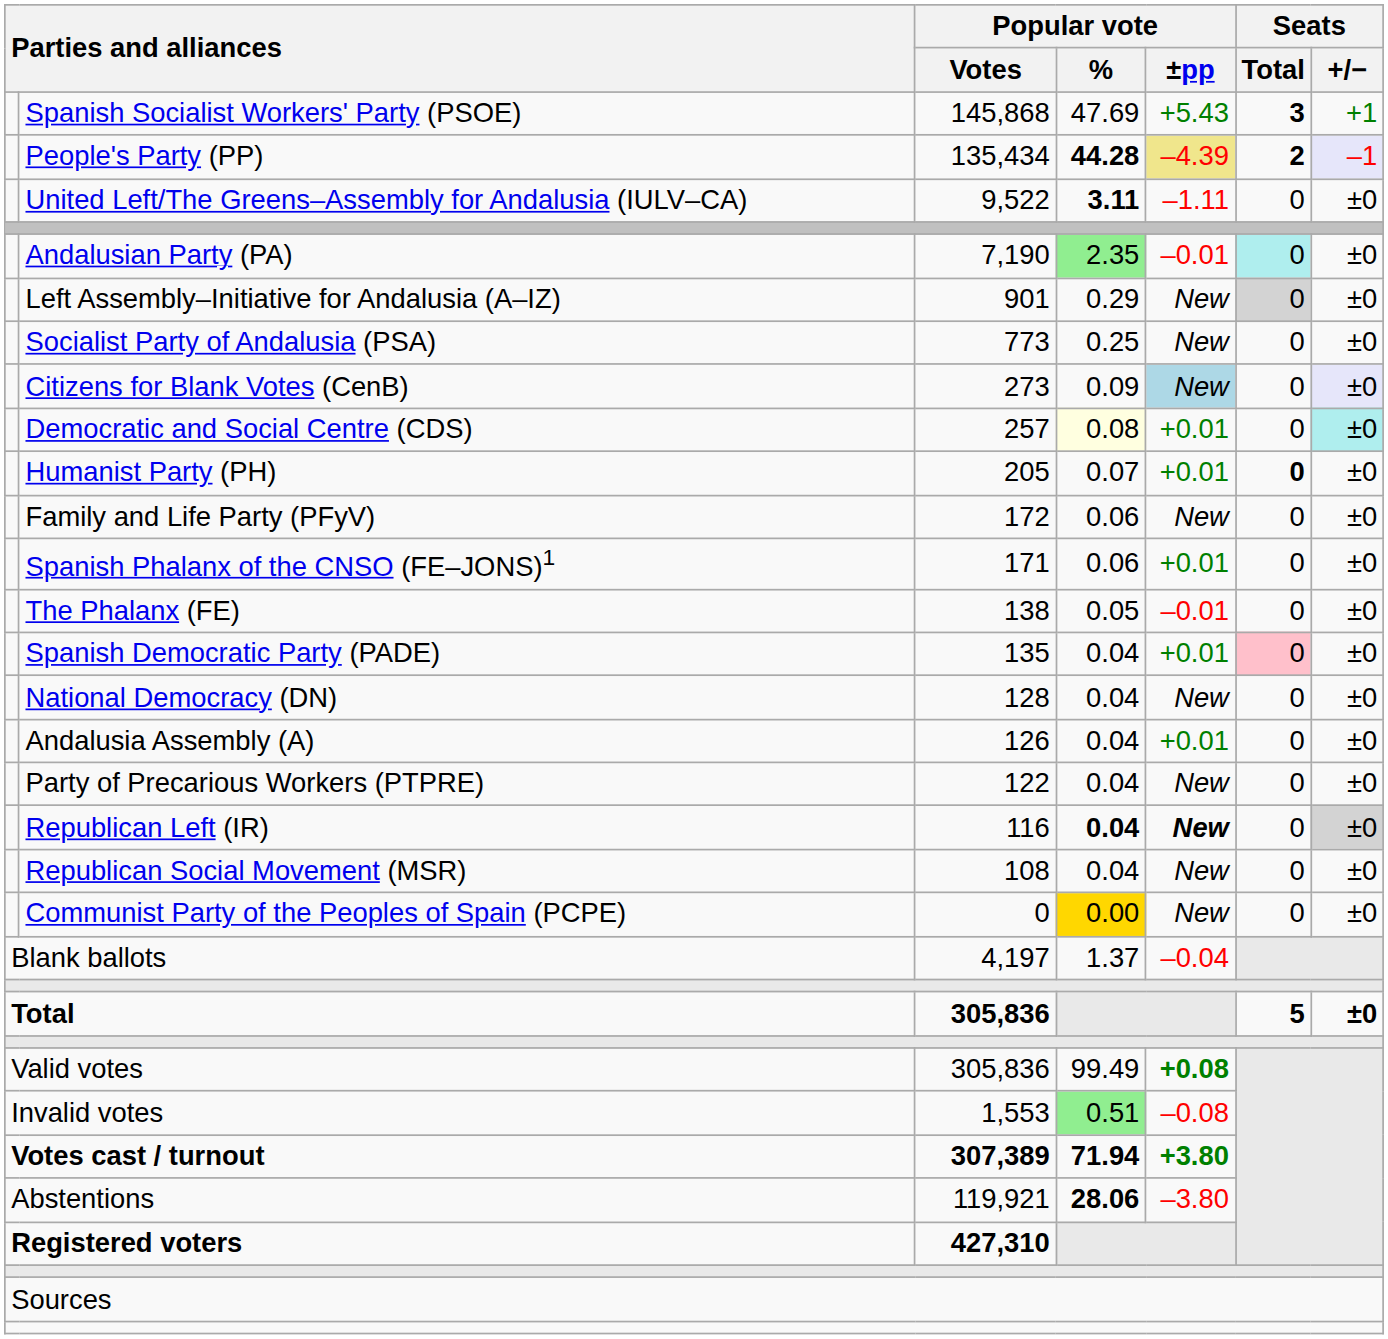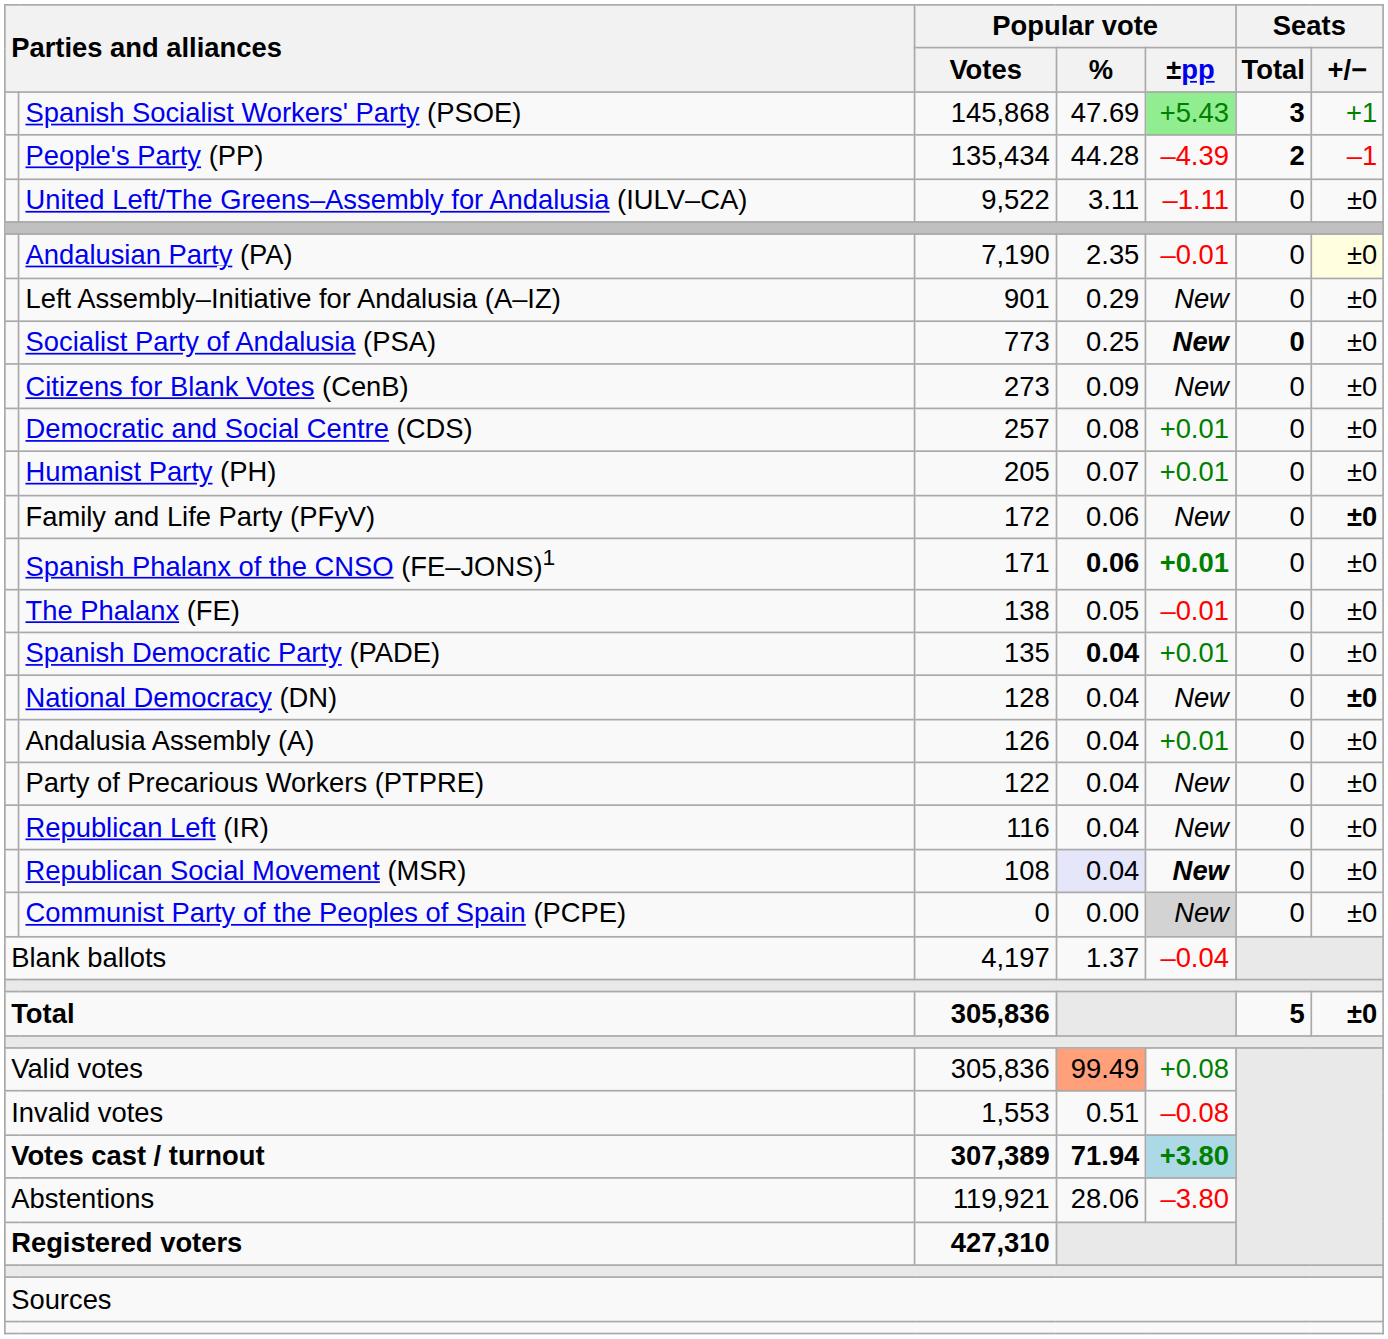 <table class="wikitable" style="text-align:right;">
 <tr>
 <th style="text-align:left;" rowspan="2" colspan="2" width="525">Parties and alliances</th>
 <th colspan="3">Popular vote</th>
 <th colspan="2">Seats</th>
 </tr>
 <tr>
 <th width="75">Votes</th>
 <th width="45">%</th>
 <th width="45">±<a href='#'>pp</a></th>
 <th width="35">Total</th>
 <th width="35">+/−</th>
 </tr>
 <tr>
 <td width="1" style="color:inherit;background:"></td>
 <td align="left"><a href='#'>Spanish Socialist Workers' Party</a> (PSOE)</td>
 <td>145,868</td>
 <td>47.69</td>
-<td style="color:green;">+5.43</td>
+<td style="background: lightgreen; color:green;">+5.43</td>
 <td><strong>3</strong></td>
 <td style="color:green;">+1</td>
 </tr>
 <tr>
 <td style="color:inherit;background:"></td>
 <td align="left"><a href='#'>People's Party</a> (PP)</td>
 <td>135,434</td>
-<td><strong>44.28</strong></td>
-<td style="background: khaki; color:red;">–4.39</td>
+<td>44.28</td>
+<td style="color:red;">–4.39</td>
 <td><strong>2</strong></td>
-<td style="background: lavender; color:red;">–1</td>
+<td style="color:red;">–1</td>
 </tr>
 <tr>
 <td style="color:inherit;background:"></td>
 <td align="left"><a href='#'>United Left/The Greens–Assembly for Andalusia</a> (IULV–CA)</td>
 <td>9,522</td>
-<td><strong>3.11</strong></td>
+<td>3.11</td>
 <td style="color:red;">–1.11</td>
 <td>0</td>
 <td>±0</td>
 </tr>
 <tr>
 <td colspan="7" bgcolor="#C0C0C0"></td>
 </tr>
 <tr>
 <td style="color:inherit;background:"></td>
 <td align="left"><a href='#'>Andalusian Party</a> (PA)</td>
 <td>7,190</td>
-<td style="background: lightgreen;">2.35</td>
+<td>2.35</td>
 <td style="color:red;">–0.01</td>
-<td style="background: paleturquoise;">0</td>
-<td>±0</td>
+<td>0</td>
+<td style="background: lightyellow;">±0</td>
 </tr>
 <tr>
 <td style="color:inherit;background:"></td>
 <td align="left">Left Assembly–Initiative for Andalusia (A–IZ)</td>
 <td>901</td>
 <td>0.29</td>
 <td><em>New</em></td>
-<td style="background: lightgrey;">0</td>
+<td>0</td>
 <td>±0</td>
 </tr>
 <tr>
 <td style="color:inherit;background:"></td>
 <td align="left"><a href='#'>Socialist Party of Andalusia</a> (PSA)</td>
 <td>773</td>
 <td>0.25</td>
-<td><em>New</em></td>
-<td>0</td>
+<td><strong><em>New</em></strong></td>
+<td><strong>0</strong></td>
 <td>±0</td>
 </tr>
 <tr>
 <td style="color:inherit;background:"></td>
 <td align="left"><a href='#'>Citizens for Blank Votes</a> (CenB)</td>
 <td>273</td>
 <td>0.09</td>
-<td style="background: lightblue;"><em>New</em></td>
+<td><em>New</em></td>
 <td>0</td>
-<td style="background: lavender;">±0</td>
+<td>±0</td>
 </tr>
 <tr>
 <td style="color:inherit;background:"></td>
 <td align="left"><a href='#'>Democratic and Social Centre</a> (CDS)</td>
 <td>257</td>
-<td style="background: lightyellow;">0.08</td>
+<td>0.08</td>
 <td style="color:green;">+0.01</td>
 <td>0</td>
-<td style="background: paleturquoise;">±0</td>
+<td>±0</td>
 </tr>
 <tr>
 <td style="color:inherit;background:"></td>
 <td align="left"><a href='#'>Humanist Party</a> (PH)</td>
 <td>205</td>
 <td>0.07</td>
 <td style="color:green;">+0.01</td>
-<td><strong>0</strong></td>
+<td>0</td>
 <td>±0</td>
 </tr>
 <tr>
 <td style="color:inherit;background:"></td>
 <td align="left">Family and Life Party (PFyV)</td>
 <td>172</td>
 <td>0.06</td>
 <td><em>New</em></td>
 <td>0</td>
-<td>±0</td>
+<td><strong>±0</strong></td>
 </tr>
 <tr>
 <td style="color:inherit;background:"></td>
 <td align="left"><a href='#'>Spanish Phalanx of the CNSO</a> (FE–JONS)<sup>1</sup></td>
 <td>171</td>
-<td>0.06</td>
-<td style="color:green;">+0.01</td>
+<td><strong>0.06</strong></td>
+<td style="color:green;"><strong>+0.01</strong></td>
 <td>0</td>
 <td>±0</td>
 </tr>
 <tr>
 <td style="color:inherit;background:"></td>
 <td align="left"><a href='#'>The Phalanx</a> (FE)</td>
 <td>138</td>
 <td>0.05</td>
 <td style="color:red;">–0.01</td>
 <td>0</td>
 <td>±0</td>
 </tr>
 <tr>
 <td style="color:inherit;background:"></td>
 <td align="left"><a href='#'>Spanish Democratic Party</a> (PADE)</td>
 <td>135</td>
-<td>0.04</td>
+<td><strong>0.04</strong></td>
 <td style="color:green;">+0.01</td>
-<td style="background: pink;">0</td>
+<td>0</td>
 <td>±0</td>
 </tr>
 <tr>
 <td style="color:inherit;background:"></td>
 <td align="left"><a href='#'>National Democracy</a> (DN)</td>
 <td>128</td>
 <td>0.04</td>
 <td><em>New</em></td>
 <td>0</td>
-<td>±0</td>
+<td><strong>±0</strong></td>
 </tr>
 <tr>
 <td style="color:inherit;background:"></td>
 <td align="left">Andalusia Assembly (A)</td>
 <td>126</td>
 <td>0.04</td>
 <td style="color:green;">+0.01</td>
 <td>0</td>
 <td>±0</td>
 </tr>
 <tr>
 <td style="color:inherit;background:"></td>
 <td align="left">Party of Precarious Workers (PTPRE)</td>
 <td>122</td>
 <td>0.04</td>
 <td><em>New</em></td>
 <td>0</td>
 <td>±0</td>
 </tr>
 <tr>
 <td style="color:inherit;background:"></td>
 <td align="left"><a href='#'>Republican Left</a> (IR)</td>
 <td>116</td>
-<td><strong>0.04</strong></td>
-<td><strong><em>New</em></strong></td>
-<td>0</td>
-<td style="background: lightgrey;">±0</td>
-</tr>
-<tr>
-<td style="color:inherit;background:"></td>
-<td align="left"><a href='#'>Republican Social Movement</a> (MSR)</td>
-<td>108</td>
 <td>0.04</td>
 <td><em>New</em></td>
 <td>0</td>
 <td>±0</td>
 </tr>
 <tr>
 <td style="color:inherit;background:"></td>
+<td align="left"><a href='#'>Republican Social Movement</a> (MSR)</td>
+<td>108</td>
+<td style="background: lavender;">0.04</td>
+<td><strong><em>New</em></strong></td>
+<td>0</td>
+<td>±0</td>
+</tr>
+<tr>
+<td style="color:inherit;background:"></td>
 <td align="left"><a href='#'>Communist Party of the Peoples of Spain</a> (PCPE)</td>
 <td>0</td>
-<td style="background: gold;">0.00</td>
-<td><em>New</em></td>
+<td>0.00</td>
+<td style="background: lightgrey;"><em>New</em></td>
 <td>0</td>
 <td>±0</td>
 </tr>
 <tr>
 <td align="left" colspan="2">Blank ballots</td>
 <td>4,197</td>
 <td>1.37</td>
 <td style="color:red;">–0.04</td>
 <td bgcolor="#E9E9E9" colspan="2"></td>
 </tr>
 <tr>
 <td colspan="7" bgcolor="#E9E9E9"></td>
 </tr>
 <tr style="font-weight:bold;">
 <td align="left" colspan="2">Total</td>
 <td>305,836</td>
 <td bgcolor="#E9E9E9" colspan="2"></td>
 <td>5</td>
 <td>±0</td>
 </tr>
 <tr>
 <td colspan="7" bgcolor="#E9E9E9"></td>
 </tr>
 <tr>
 <td align="left" colspan="2">Valid votes</td>
 <td>305,836</td>
-<td>99.49</td>
-<td style="color:green;"><strong>+0.08</strong></td>
+<td style="background: lightsalmon;">99.49</td>
+<td style="color:green;">+0.08</td>
 <td bgcolor="#E9E9E9" colspan="2" rowspan="5"></td>
 </tr>
 <tr>
 <td align="left" colspan="2">Invalid votes</td>
 <td>1,553</td>
-<td style="background: lightgreen;">0.51</td>
+<td>0.51</td>
 <td style="color:red;">–0.08</td>
 </tr>
 <tr style="font-weight:bold;">
 <td align="left" colspan="2">Votes cast / turnout</td>
 <td>307,389</td>
 <td>71.94</td>
-<td style="color:green;">+3.80</td>
+<td style="background: lightblue; color:green;">+3.80</td>
 </tr>
 <tr>
 <td align="left" colspan="2">Abstentions</td>
 <td>119,921</td>
-<td><strong>28.06</strong></td>
+<td>28.06</td>
 <td style="color:red;">–3.80</td>
 </tr>
 <tr style="font-weight:bold;">
 <td align="left" colspan="2">Registered voters</td>
 <td>427,310</td>
 <td bgcolor="#E9E9E9" colspan="2"></td>
 </tr>
 <tr>
 <td colspan="7" bgcolor="#E9E9E9"></td>
 </tr>
 <tr>
 <td align="left" colspan="7">Sources</td>
 </tr>
 <tr>
 <td colspan="7" style="text-align:left; max-width:790px;"></td>
 </tr>
 </table>
